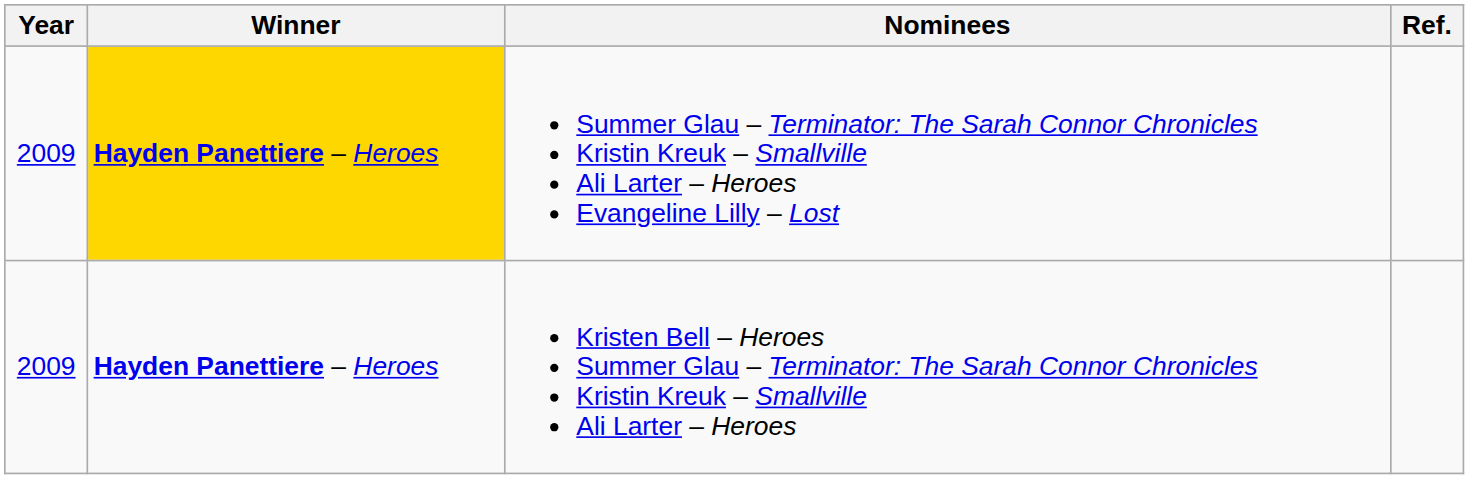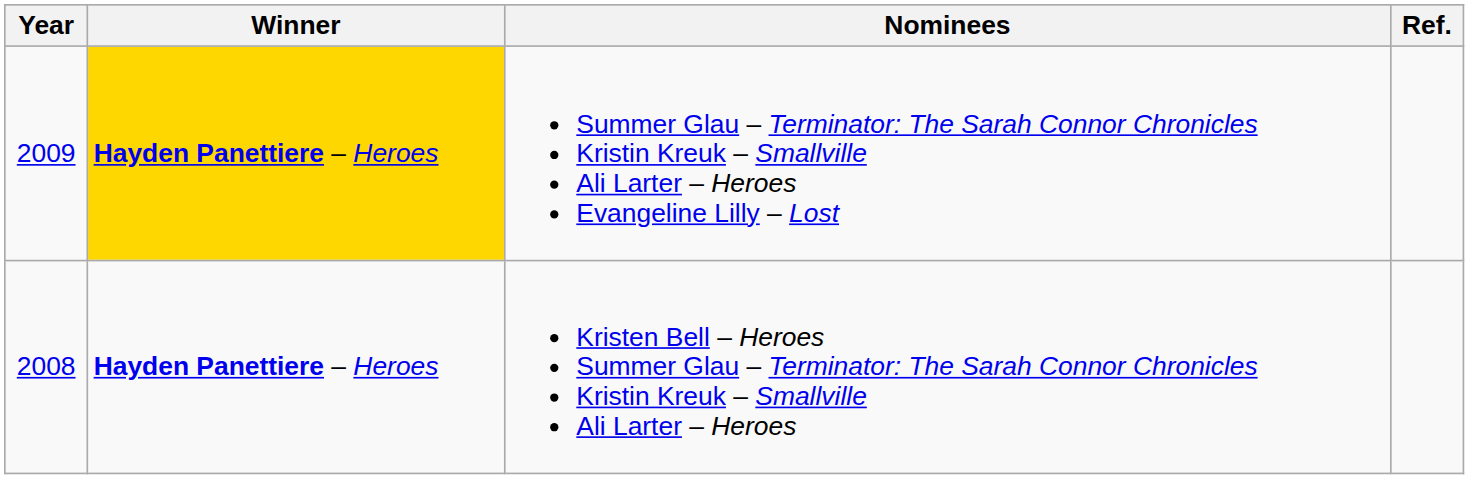 <table class="wikitable" width=70%>
 <tr>
 <th>Year</th>
 <th>Winner</th>
 <th>Nominees</th>
 <th>Ref.</th>
 </tr>
 <tr>
 <td align="center"><a href='#'>2009</a></td>
 <td style="background: gold;"><strong><a href='#'>Hayden Panettiere</a></strong> – <em><a href='#'>Heroes</a></em></td>
 <td><br><ul><li><a href='#'>Summer Glau</a> – <em><a href='#'>Terminator: The Sarah Connor Chronicles</a></em></li><li><a href='#'>Kristin Kreuk</a> – <em><a href='#'>Smallville</a></em></li><li><a href='#'>Ali Larter</a> – <em>Heroes</em></li><li><a href='#'>Evangeline Lilly</a> – <em><a href='#'>Lost</a></em></li></ul></td>
 <td align="center"></td>
 </tr>
 <tr>
-<td align="center"><a href='#'>2009</a></td>
+<td align="center"><a href='#'>2008</a></td>
 <td><strong><a href='#'>Hayden Panettiere</a></strong> – <em><a href='#'>Heroes</a></em></td>
 <td><br><ul><li><a href='#'>Kristen Bell</a> – <em>Heroes</em></li><li><a href='#'>Summer Glau</a> – <em><a href='#'>Terminator: The Sarah Connor Chronicles</a></em></li><li><a href='#'>Kristin Kreuk</a> – <em><a href='#'>Smallville</a></em></li><li><a href='#'>Ali Larter</a> – <em>Heroes</em></li></ul></td>
 <td align="center"></td>
 </tr>
 </table>
